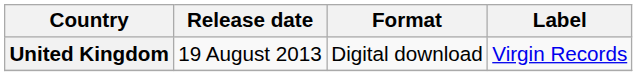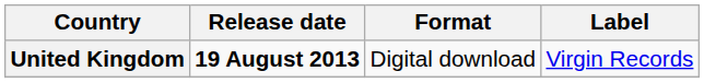 <table class="wikitable plainrowheaders">
 <tr>
 <th scope="col">Country</th>
 <th scope="col">Release date</th>
 <th scope="col">Format</th>
 <th scope="col">Label</th>
 </tr>
 <tr>
 <th scope="row">United Kingdom</th>
-<td>19 August 2013</td>
+<td><strong>19 August 2013</strong></td>
 <td>Digital download</td>
 <td><a href='#'>Virgin Records</a></td>
 </tr>
 <tr>
 </tr>
 </table>
